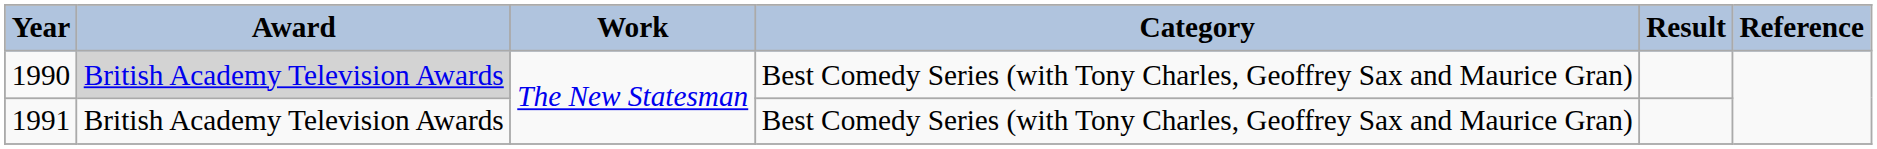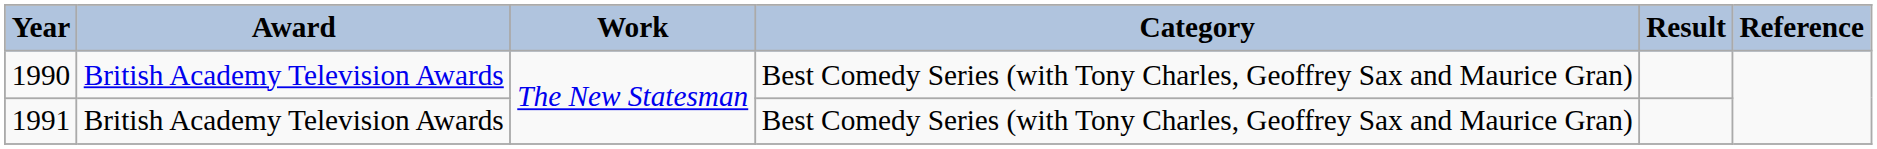 <table class="wikitable" style="font-size:100%">
 <tr style="text-align:center;">
 <th style="background:#B0C4DE;">Year</th>
 <th style="background:#B0C4DE;">Award</th>
 <th style="background:#B0C4DE;">Work</th>
 <th style="background:#B0C4DE;">Category</th>
 <th style="background:#B0C4DE;">Result</th>
 <th style="background:#B0C4DE;">Reference</th>
 </tr>
 <tr>
 <td>1990</td>
-<td style="background: lightgrey;"><a href='#'>British Academy Television Awards</a></td>
+<td><a href='#'>British Academy Television Awards</a></td>
 <td rowspan="2"><em><a href='#'>The New Statesman</a></em></td>
 <td>Best Comedy Series (with Tony Charles, Geoffrey Sax and Maurice Gran)</td>
 <td></td>
 </tr>
 <tr>
 <td>1991</td>
 <td>British Academy Television Awards</td>
 <td>Best Comedy Series (with Tony Charles, Geoffrey Sax and Maurice Gran)</td>
 <td></td>
 </tr>
 </table>
